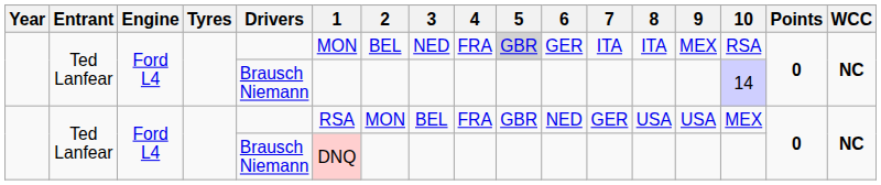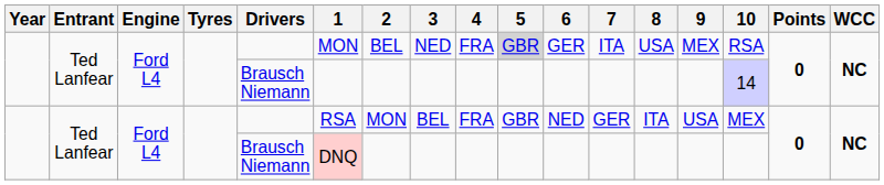 <table class="wikitable" style="text-align:center; font-size:95%">
 <tr>
 <th>Year</th>
 <th>Entrant</th>
 <th>Engine</th>
 <th>Tyres</th>
 <th>Drivers</th>
 <th>1</th>
 <th>2</th>
 <th>3</th>
 <th>4</th>
 <th>5</th>
 <th>6</th>
 <th>7</th>
 <th>8</th>
 <th>9</th>
 <th>10</th>
 <th>Points</th>
 <th>WCC</th>
 </tr>
 <tr>
 <td rowspan="2"></td>
 <td rowspan="2">Ted Lanfear</td>
 <td rowspan="2"><a href='#'>Ford</a> <a href='#'>L4</a></td>
 <td rowspan="2"></td>
 <td></td>
 <td><a href='#'>MON</a></td>
 <td><a href='#'>BEL</a></td>
 <td><a href='#'>NED</a></td>
 <td><a href='#'>FRA</a></td>
 <td style="background: lightgrey;"><a href='#'>GBR</a></td>
 <td><a href='#'>GER</a></td>
 <td><a href='#'>ITA</a></td>
-<td><a href='#'>ITA</a></td>
+<td><a href='#'>USA</a></td>
 <td><a href='#'>MEX</a></td>
 <td><a href='#'>RSA</a></td>
 <td rowspan="2"><strong>0</strong></td>
 <td rowspan="2"><strong>NC</strong></td>
 </tr>
 <tr>
 <td align="left"><a href='#'>Brausch Niemann</a></td>
 <td></td>
 <td></td>
 <td></td>
 <td></td>
 <td></td>
 <td></td>
 <td></td>
 <td></td>
 <td></td>
 <td style="background:#cfcfff;">14</td>
 </tr>
 <tr>
 <td rowspan="2"></td>
 <td rowspan="2">Ted Lanfear</td>
 <td rowspan="2"><a href='#'>Ford</a> <a href='#'>L4</a></td>
 <td rowspan="2"></td>
 <td></td>
 <td><a href='#'>RSA</a></td>
 <td><a href='#'>MON</a></td>
 <td><a href='#'>BEL</a></td>
 <td><a href='#'>FRA</a></td>
 <td><a href='#'>GBR</a></td>
 <td><a href='#'>NED</a></td>
 <td><a href='#'>GER</a></td>
-<td><a href='#'>USA</a></td>
+<td><a href='#'>ITA</a></td>
 <td><a href='#'>USA</a></td>
 <td><a href='#'>MEX</a></td>
 <td rowspan="2"><strong>0</strong></td>
 <td rowspan="2"><strong>NC</strong></td>
 </tr>
 <tr>
 <td align="left"><a href='#'>Brausch Niemann</a></td>
 <td style="background:#ffcfcf;">DNQ</td>
 <td></td>
 <td></td>
 <td></td>
 <td></td>
 <td></td>
 <td></td>
 <td></td>
 <td></td>
 <td></td>
 </tr>
 </table>
